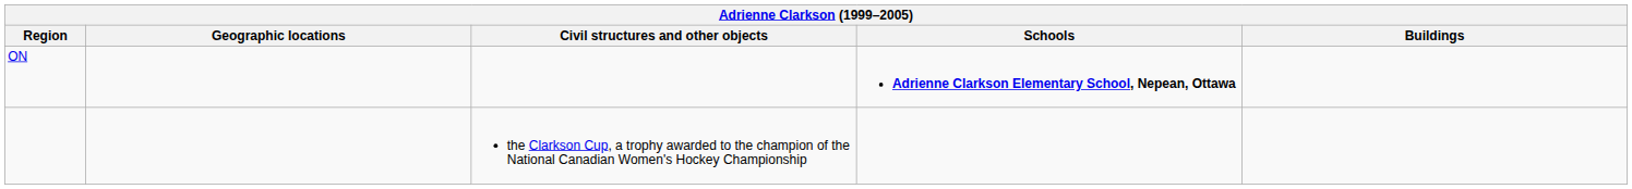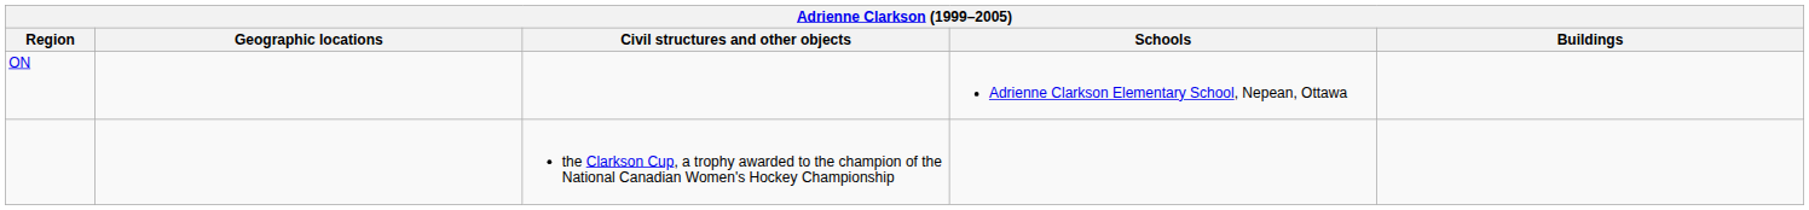 <table class="wikitable" width="100%">
 <tr>
 <th colspan="5"> <a href='#'>Adrienne Clarkson</a> (1999–2005)</th>
 </tr>
 <tr>
 <th width="5%">Region</th>
 <th width="23.75%">Geographic locations</th>
 <th width="23.75%">Civil structures and other objects</th>
 <th width="23.75%">Schools</th>
 <th width="23.75%">Buildings</th>
 </tr>
 <tr>
 <td align=left valign=top> <a href='#'>ON</a></td>
 <td></td>
 <td></td>
-<td align=left valign=top><strong><br><ul><li><a href='#'>Adrienne Clarkson Elementary School</a>, Nepean, Ottawa</li></ul></strong></td>
+<td align=left valign=top><br><ul><li><a href='#'>Adrienne Clarkson Elementary School</a>, Nepean, Ottawa</li></ul></td>
 <td></td>
 </tr>
 <tr>
 <td></td>
 <td></td>
 <td align=left valign=top><br><ul><li>the <a href='#'>Clarkson Cup</a>, a trophy awarded to the champion of the National Canadian Women's Hockey Championship</li></ul></td>
 <td></td>
 <td></td>
 </tr>
 </table>
